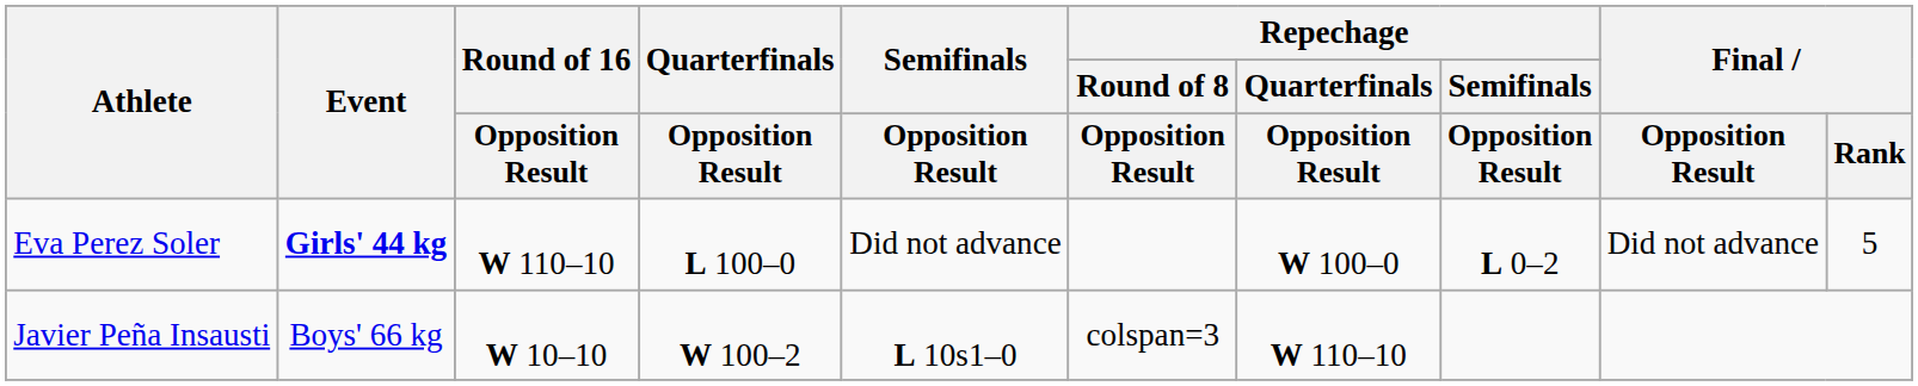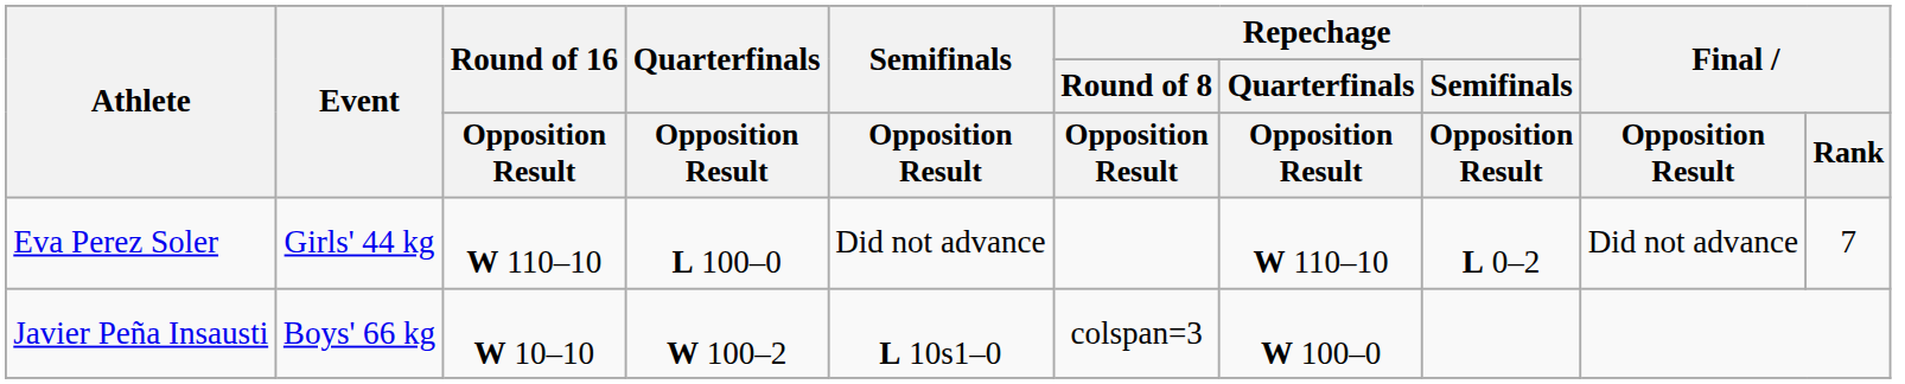 <table class=wikitable style="text-align:center; font-size:90%">
 <tr>
 <th rowspan="3">Athlete</th>
 <th rowspan="3">Event</th>
 <th rowspan="2">Round of 16</th>
 <th rowspan="2">Quarterfinals</th>
 <th rowspan="2">Semifinals</th>
 <th colspan="3">Repechage</th>
 <th rowspan="2" colspan="2">Final / </th>
 </tr>
 <tr>
 <th>Round of 8</th>
 <th>Quarterfinals</th>
 <th>Semifinals</th>
 </tr>
 <tr style="font-size:95%">
 <th>Opposition<br>Result</th>
 <th>Opposition<br>Result</th>
 <th>Opposition<br>Result</th>
 <th>Opposition<br>Result</th>
 <th>Opposition<br>Result</th>
 <th>Opposition<br>Result</th>
 <th>Opposition<br>Result</th>
 <th>Rank</th>
 </tr>
 <tr>
 <td align=left><a href='#'>Eva Perez Soler</a></td>
-<td><strong><a href='#'>Girls' 44 kg</a></strong></td>
+<td><a href='#'>Girls' 44 kg</a></td>
 <td><br><strong>W</strong> 110–10</td>
 <td><br><strong>L</strong> 100–0</td>
 <td>Did not advance</td>
 <td></td>
-<td><br><strong>W</strong> 100–0</td>
+<td><br><strong>W</strong> 110–10</td>
 <td><br><strong>L</strong> 0–2</td>
 <td>Did not advance</td>
-<td>5</td>
+<td>7</td>
 </tr>
 <tr>
 <td align=left><a href='#'>Javier Peña Insausti</a></td>
 <td><a href='#'>Boys' 66 kg</a></td>
 <td><br><strong>W</strong> 10–10</td>
 <td><br><strong>W</strong> 100–2</td>
 <td><br><strong>L</strong> 10s1–0</td>
 <td>colspan=3 </td>
-<td><br><strong>W</strong> 110–10</td>
+<td><br><strong>W</strong> 100–0</td>
 <td></td>
 </tr>
 </table>
